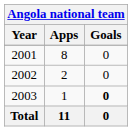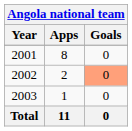 <table class="wikitable" style="text-align:center">
 <tr>
 <th colspan=3><a href='#'>Angola national team</a></th>
 </tr>
 <tr>
 <th>Year</th>
 <th>Apps</th>
 <th>Goals</th>
 </tr>
 <tr>
 </tr>
 <tr>
 <td>2001</td>
 <td>8</td>
 <td>0</td>
 </tr>
 <tr>
 <td>2002</td>
 <td>2</td>
-<td>0</td>
+<td style="background: lightsalmon;">0</td>
 </tr>
 <tr>
 <td>2003</td>
 <td>1</td>
-<td><strong>0</strong></td>
+<td>0</td>
 </tr>
 <tr>
 <th>Total</th>
 <th>11</th>
 <th>0</th>
 </tr>
 </table>
